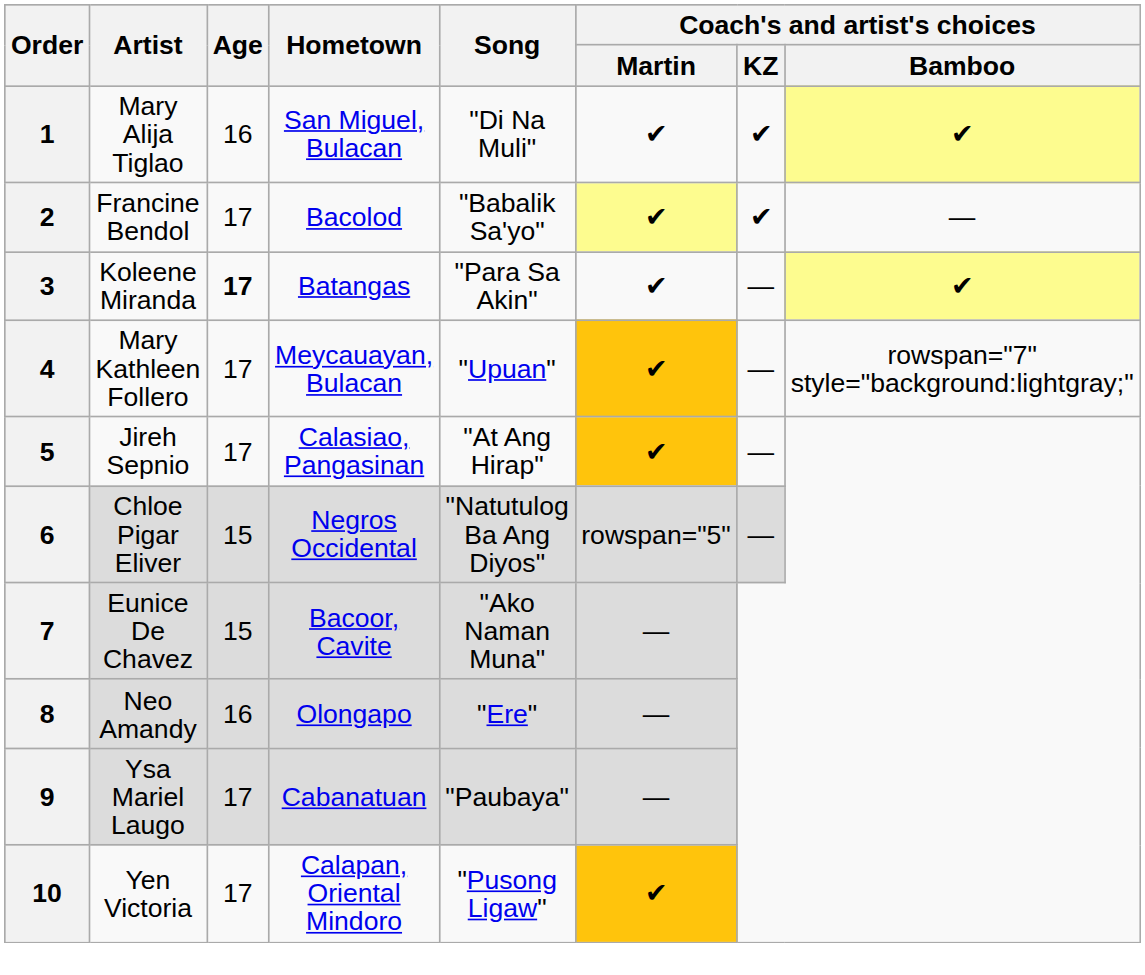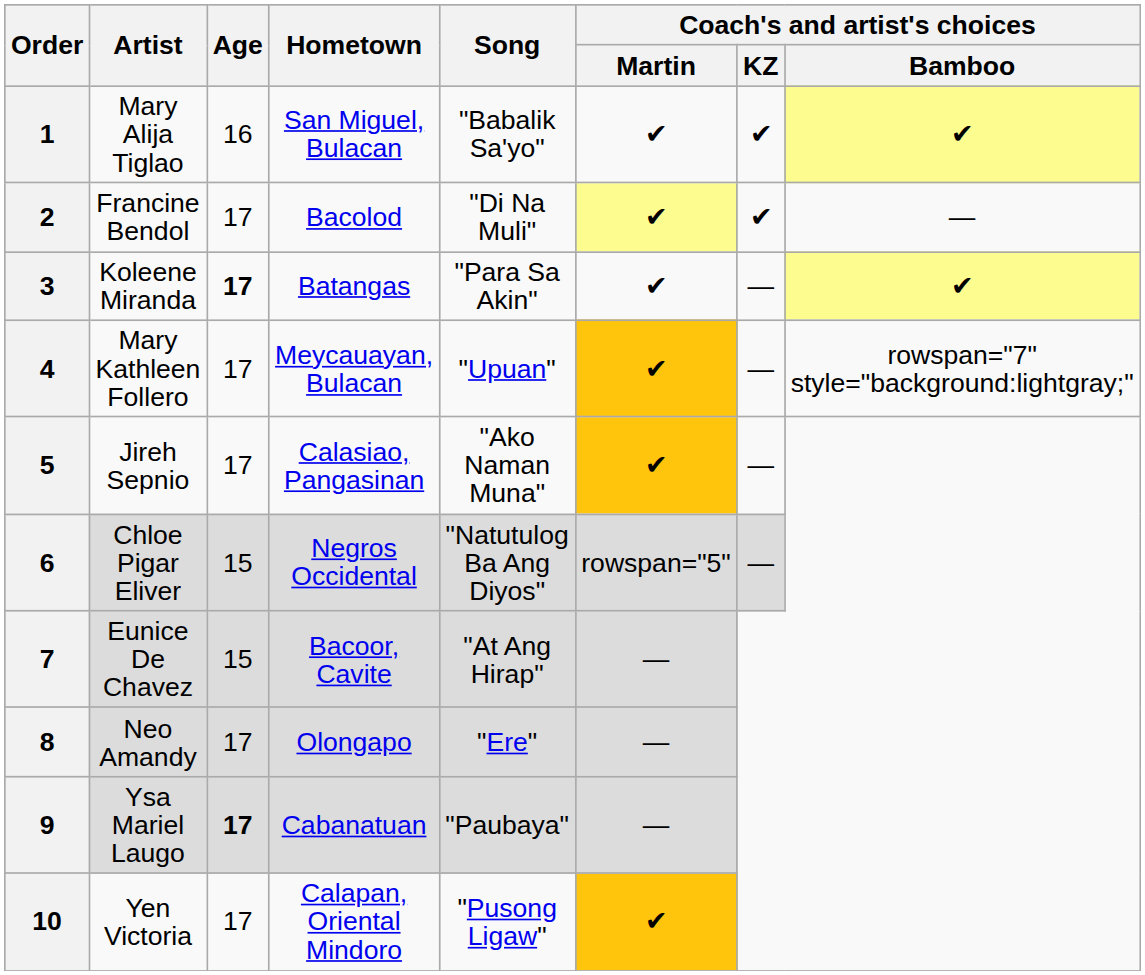 <table class="wikitable" style="text-align:center; line-height:17px; width:100%">
 <tr>
 <th rowspan="2" scope="col" style="width:04%">Order</th>
 <th rowspan="2" scope="col" style="width:18%">Artist</th>
 <th rowspan="2" scope="col" style="width:05%">Age</th>
 <th rowspan="2" scope="col" style="width:20%">Hometown</th>
 <th rowspan="2" scope="col" style="width:20%">Song</th>
 <th colspan="3">Coach's and artist's choices</th>
 </tr>
 <tr>
 <th style="width:06%">Martin</th>
 <th style="width:06%">KZ</th>
 <th style="width:06%">Bamboo</th>
 </tr>
 <tr>
 <th>1</th>
 <td>Mary Alija Tiglao</td>
 <td>16</td>
 <td><a href='#'>San Miguel, Bulacan</a></td>
-<td>"Di Na Muli"</td>
+<td>"Babalik Sa'yo"</td>
 <td>✔</td>
 <td>✔</td>
 <td style="background:#fdfc8f;">✔</td>
 </tr>
 <tr>
 <th>2</th>
 <td>Francine Bendol</td>
 <td>17</td>
 <td><a href='#'>Bacolod</a></td>
-<td>"Babalik Sa'yo"</td>
+<td>"Di Na Muli"</td>
 <td style="background:#fdfc8f;">✔</td>
 <td>✔</td>
 <td>—</td>
 </tr>
 <tr>
 <th>3</th>
 <td>Koleene Miranda</td>
 <td><strong>17</strong></td>
 <td><a href='#'>Batangas</a></td>
 <td>"Para Sa Akin"</td>
 <td>✔</td>
 <td>—</td>
 <td style="background:#fdfc8f;">✔</td>
 </tr>
 <tr>
 <th>4</th>
 <td>Mary Kathleen Follero</td>
 <td>17</td>
 <td><a href='#'>Meycauayan, Bulacan</a></td>
 <td>"<a href='#'>Upuan</a>"</td>
 <td style="background:#FFC40C;">✔</td>
 <td>—</td>
 <td>rowspan="7" style="background:lightgray;" </td>
 </tr>
 <tr>
 <th>5</th>
 <td>Jireh Sepnio</td>
 <td>17</td>
 <td><a href='#'>Calasiao, Pangasinan</a></td>
-<td>"At Ang Hirap"</td>
+<td>"Ako Naman Muna"</td>
 <td style="background:#FFC40C;">✔</td>
 <td>—</td>
 </tr>
 <tr style="background:#DCDCDC;" |>
 <th>6</th>
 <td>Chloe Pigar Eliver</td>
 <td>15</td>
 <td><a href='#'>Negros Occidental</a></td>
 <td>"Natutulog Ba Ang Diyos"</td>
 <td>rowspan="5" </td>
 <td>—</td>
 </tr>
 <tr style="background:#DCDCDC;" |>
 <th>7</th>
 <td>Eunice De Chavez</td>
 <td>15</td>
 <td><a href='#'>Bacoor, Cavite</a></td>
-<td>"Ako Naman Muna"</td>
+<td>"At Ang Hirap"</td>
 <td>—</td>
 </tr>
 <tr style="background:#DCDCDC;" |>
 <th>8</th>
 <td>Neo Amandy</td>
-<td>16</td>
+<td>17</td>
 <td><a href='#'>Olongapo</a></td>
 <td>"<a href='#'>Ere</a>"</td>
 <td>—</td>
 </tr>
 <tr style="background:#DCDCDC;" |>
 <th>9</th>
 <td>Ysa Mariel Laugo</td>
-<td>17</td>
+<td><strong>17</strong></td>
 <td><a href='#'>Cabanatuan</a></td>
 <td>"Paubaya"</td>
 <td>—</td>
 </tr>
 <tr>
 <th>10</th>
 <td>Yen Victoria</td>
 <td>17</td>
 <td><a href='#'>Calapan, Oriental Mindoro</a></td>
 <td>"<a href='#'>Pusong Ligaw</a>"</td>
 <td style="background:#FFC40C;">✔</td>
 </tr>
 </table>
